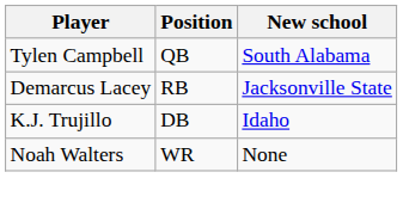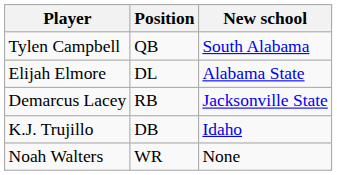 <table class="wikitable sortable">
 <tr>
 <th style="text-align:center;">Player</th>
 <th style="text-align:center;">Position</th>
 <th style="text-align:center;">New school</th>
 </tr>
 <tr>
 <td>Tylen Campbell</td>
 <td>QB</td>
 <td><a href='#'>South Alabama</a></td>
+</tr>
+<tr>
+<td>Elijah Elmore</td>
+<td>DL</td>
+<td><a href='#'>Alabama State</a></td>
 </tr>
 <tr>
 <td>Demarcus Lacey</td>
 <td>RB</td>
 <td><a href='#'>Jacksonville State</a></td>
 </tr>
 <tr>
 <td>K.J. Trujillo</td>
 <td>DB</td>
 <td><a href='#'>Idaho</a></td>
 </tr>
 <tr>
 <td>Noah Walters</td>
 <td>WR</td>
 <td>None</td>
 </tr>
 </table>
